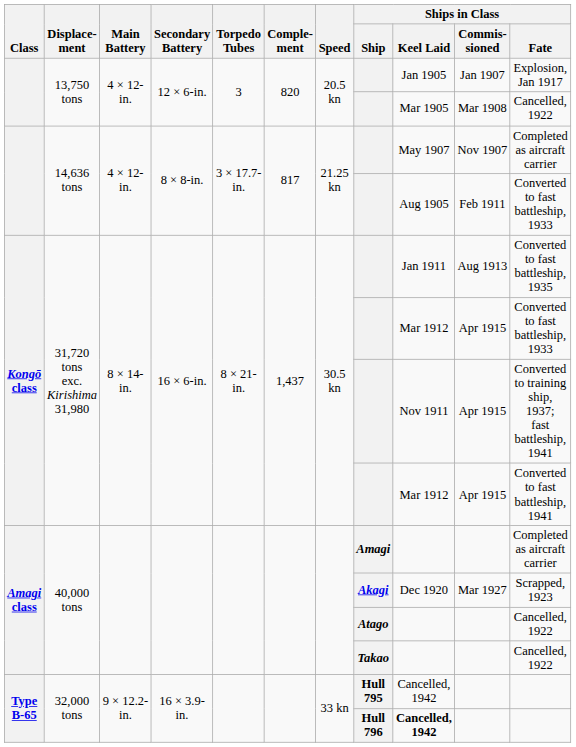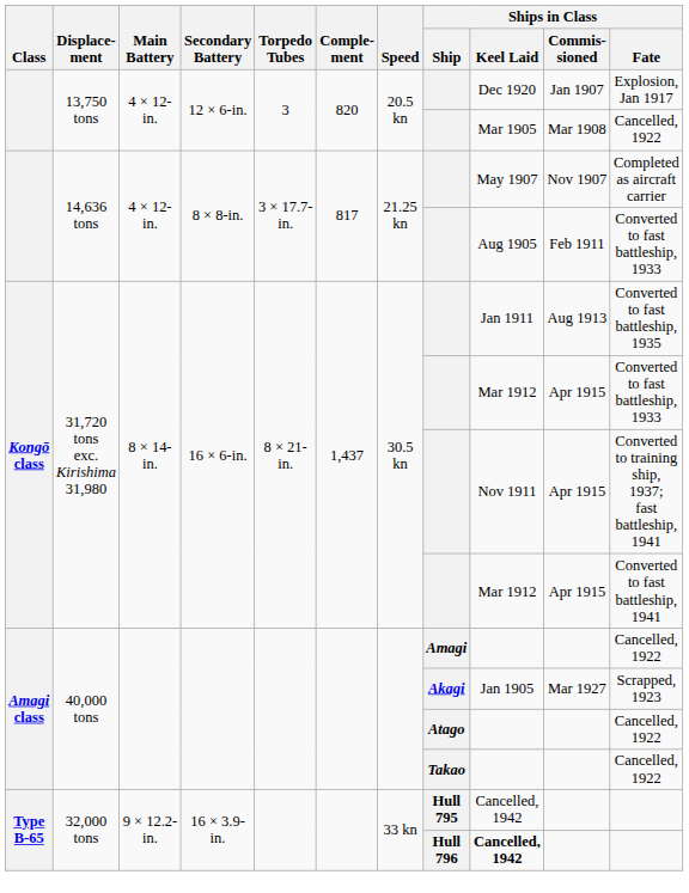 <table class="wikitable plainrowheaders" style="text-align: center;">
 <tr valign="bottom">
 <th scope="col" rowspan=2>Class</th>
 <th scope="col" rowspan=2>Displace-<br>ment</th>
 <th scope="col" rowspan=2>Main<br>Battery</th>
 <th scope="col" rowspan=2>Secondary<br>Battery</th>
 <th scope="col" rowspan=2>Torpedo<br>Tubes</th>
 <th scope="col" rowspan=2>Comple-<br>ment</th>
 <th scope="col" rowspan=2>Speed</th>
 <th scope="col" colspan=5>Ships in Class</th>
 </tr>
 <tr valign="bottom">
 <th scope="col">Ship</th>
 <th scope="col">Keel Laid</th>
 <th scope="col">Commis-<br>sioned</th>
 <th scope="col">Fate</th>
 </tr>
 <tr>
 <th scope="row" rowspan=2></th>
 <td rowspan=2>13,750 tons</td>
 <td rowspan=2>4 × 12-in.</td>
 <td rowspan=2>12 × 6-in.</td>
 <td rowspan=2>3</td>
 <td rowspan=2>820</td>
 <td rowspan=2>20.5 kn</td>
 <th scope="row"></th>
-<td>Jan 1905</td>
+<td>Dec 1920</td>
 <td>Jan 1907</td>
 <td>Explosion, Jan 1917</td>
 </tr>
 <tr>
 <th scope="row"></th>
 <td>Mar 1905</td>
 <td>Mar 1908</td>
 <td>Cancelled, 1922</td>
 </tr>
 <tr>
 <th scope="row" rowspan=2></th>
 <td rowspan=2>14,636 tons</td>
 <td rowspan=2>4 × 12-in.</td>
 <td rowspan=2>8 × 8-in.</td>
 <td rowspan=2>3 × 17.7-in.</td>
 <td rowspan=2>817</td>
 <td rowspan=2>21.25 kn</td>
 <th scope="row"></th>
 <td>May 1907</td>
 <td>Nov 1907</td>
 <td>Completed as aircraft carrier</td>
 </tr>
 <tr>
 <th scope="row"></th>
 <td>Aug 1905</td>
 <td>Feb 1911</td>
 <td>Converted to fast battleship, 1933</td>
 </tr>
 <tr>
 <th scope="row" rowspan=4><a href='#'><em>Kongō</em> class</a></th>
 <td scope="row" rowspan=4>31,720 tons<br>exc.<br><em>Kirishima</em> 31,980</td>
 <td scope="row" rowspan=4>8 × 14-in.</td>
 <td scope="row" rowspan=4>16 × 6-in.</td>
 <td scope="row" rowspan=4>8 × 21-in.</td>
 <td scope="row" rowspan=4>1,437</td>
 <td scope="row" rowspan=4>30.5 kn</td>
 <th scope="row"></th>
 <td>Jan 1911</td>
 <td>Aug 1913</td>
 <td>Converted to fast battleship, 1935</td>
 </tr>
 <tr>
 <th scope="row"></th>
 <td>Mar 1912</td>
 <td>Apr 1915</td>
 <td>Converted to fast battleship, 1933</td>
 </tr>
 <tr>
 <th scope="row"></th>
 <td>Nov 1911</td>
 <td>Apr 1915</td>
 <td>Converted to training ship, 1937;<br>fast battleship, 1941</td>
 </tr>
 <tr>
 <th scope="row"></th>
 <td>Mar 1912</td>
 <td>Apr 1915</td>
 <td>Converted to fast battleship, 1941</td>
 </tr>
 <tr>
 <th scope="row" rowspan=4><a href='#'><em>Amagi</em> class</a></th>
 <td scope="row" rowspan=4>40,000 tons</td>
 <td scope="row" rowspan=4></td>
 <td scope="row" rowspan=4></td>
 <td scope="row" rowspan=4></td>
 <td scope="row" rowspan=4></td>
 <td scope="row" rowspan=4></td>
 <th scope="row"><em>Amagi</em></th>
 <td></td>
 <td></td>
-<td>Completed as aircraft carrier</td>
+<td>Cancelled, 1922</td>
 </tr>
 <tr>
 <th scope="row"><a href='#'><em>Akagi</em></a></th>
-<td>Dec 1920</td>
+<td>Jan 1905</td>
 <td>Mar 1927</td>
 <td>Scrapped, 1923</td>
 </tr>
 <tr>
 <th scope="row"><em>Atago</em></th>
 <td></td>
 <td></td>
 <td>Cancelled, 1922</td>
 </tr>
 <tr>
 <th scope="row"><em>Takao</em></th>
 <td></td>
 <td></td>
 <td>Cancelled, 1922</td>
 </tr>
 <tr>
 <th scope="row" rowspan=2><a href='#'>Type B-65</a></th>
 <td rowspan=2>32,000 tons</td>
 <td rowspan=2>9 × 12.2-in.</td>
 <td rowspan=2>16 × 3.9-in.</td>
 <td rowspan=2></td>
 <td rowspan=2></td>
 <td rowspan=2>33 kn</td>
 <th scope="row">Hull 795</th>
 <td>Cancelled, 1942</td>
 <td></td>
 <td></td>
 </tr>
 <tr>
 <th scope="row">Hull 796</th>
 <td><strong>Cancelled, 1942</strong></td>
 <td></td>
 <td></td>
 </tr>
 </table>
